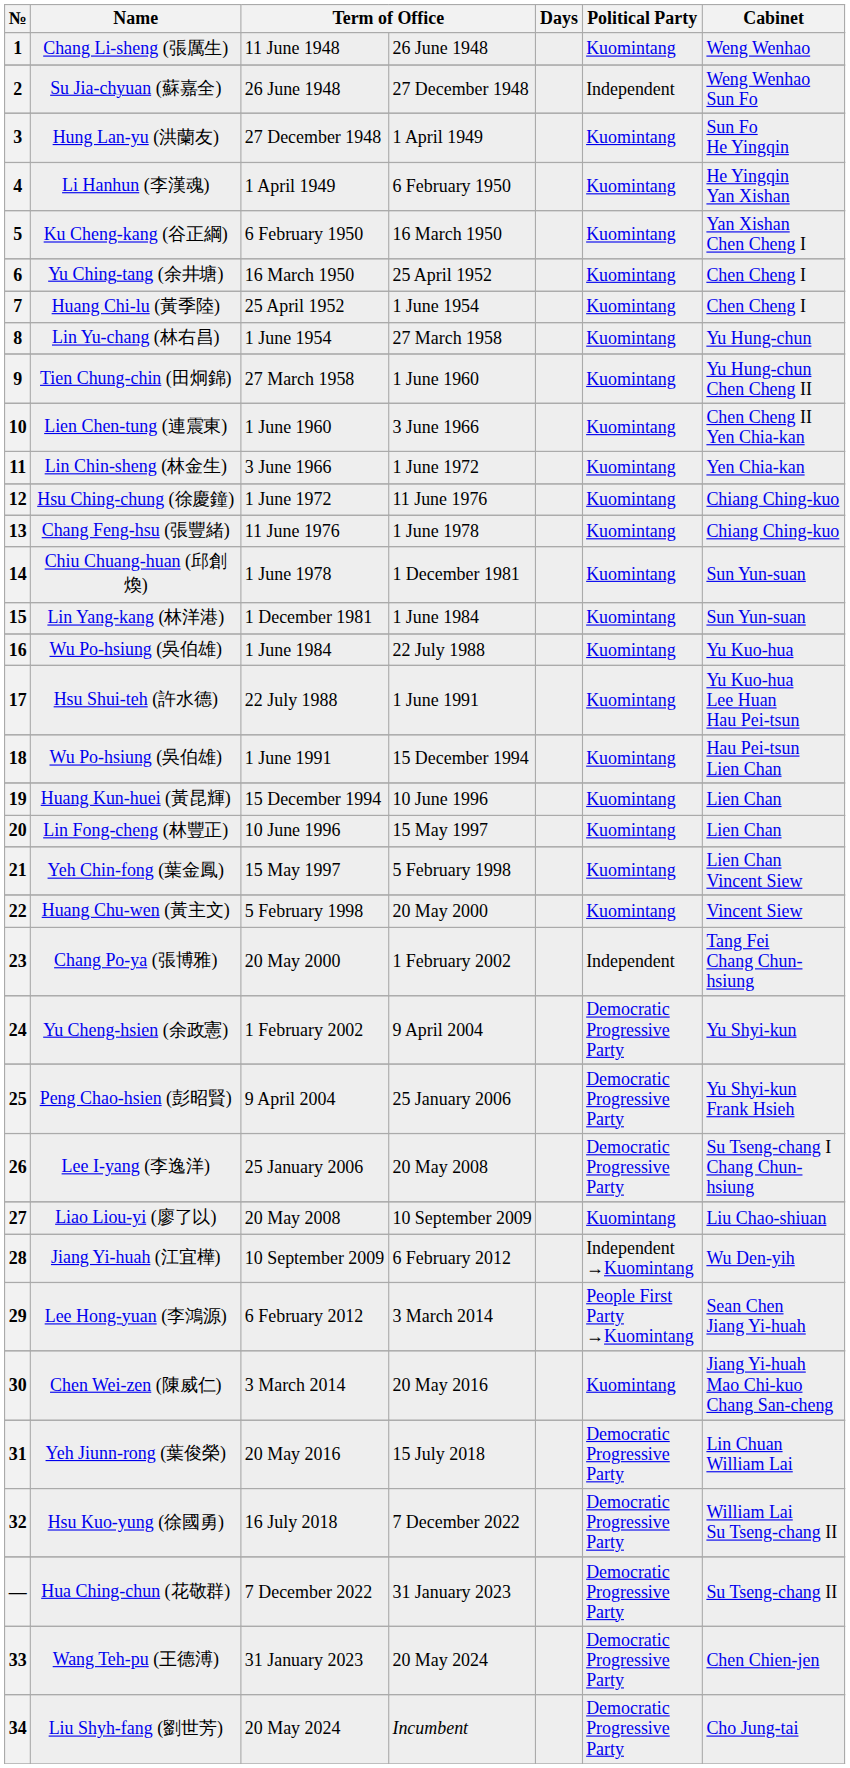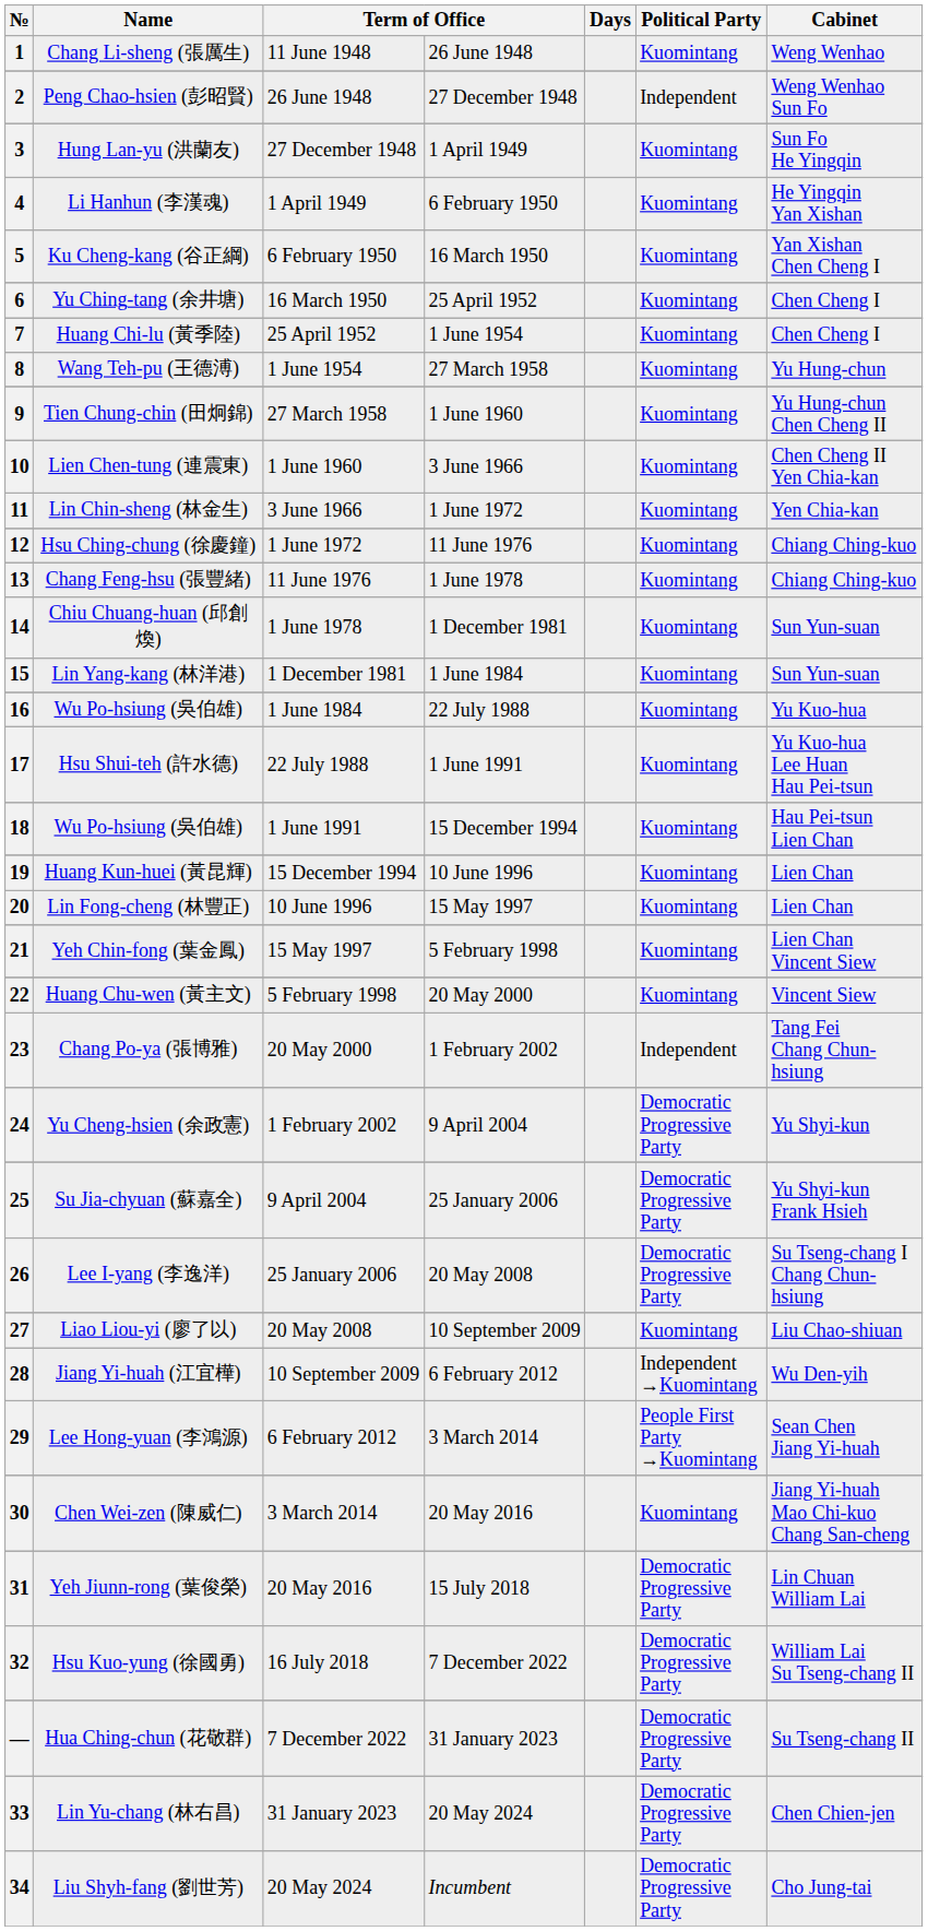 <table class="wikitable">
 <tr ->
 <th>№</th>
 <th width="180">Name</th>
 <th colspan=2 width="180">Term of Office</th>
 <th>Days</th>
 <th width="100">Political Party</th>
 <th width="120">Cabinet</th>
 </tr>
 <tr ->
 </tr>
 <tr - bgcolor=#EEEEEE>
 <th style="background:">1</th>
 <td align=center><a href='#'>Chang Li-sheng</a> (張厲生)</td>
 <td>11 June 1948</td>
 <td>26 June 1948</td>
 <td></td>
 <td><a href='#'>Kuomintang</a></td>
 <td><a href='#'>Weng Wenhao</a></td>
 </tr>
 <tr ->
 </tr>
 <tr - bgcolor=#EEEEEE>
 <th style="background:">2</th>
-<td align=center><a href='#'>Su Jia-chyuan</a> (蘇嘉全)</td>
+<td align=center><a href='#'>Peng Chao-hsien</a> (彭昭賢)</td>
 <td>26 June 1948</td>
 <td>27 December 1948</td>
 <td></td>
 <td>Independent</td>
 <td><a href='#'>Weng Wenhao</a><br><a href='#'>Sun Fo</a></td>
 </tr>
 <tr ->
 </tr>
 <tr - bgcolor=#EEEEEE>
 <th style="background:">3</th>
 <td align=center><a href='#'>Hung Lan-yu</a> (洪蘭友)</td>
 <td>27 December 1948</td>
 <td>1 April 1949</td>
 <td></td>
 <td><a href='#'>Kuomintang</a></td>
 <td><a href='#'>Sun Fo</a><br><a href='#'>He Yingqin</a></td>
 </tr>
 <tr ->
 </tr>
 <tr - bgcolor=#EEEEEE>
 <th style="background:">4</th>
 <td align=center><a href='#'>Li Hanhun</a> (李漢魂)</td>
 <td>1 April 1949</td>
 <td>6 February 1950</td>
 <td></td>
 <td><a href='#'>Kuomintang</a></td>
 <td><a href='#'>He Yingqin</a><br><a href='#'>Yan Xishan</a></td>
 </tr>
 <tr ->
 </tr>
 <tr - bgcolor=#EEEEEE>
 <th style="background:">5</th>
 <td align=center><a href='#'>Ku Cheng-kang</a> (谷正綱)</td>
 <td>6 February 1950</td>
 <td>16 March 1950</td>
 <td></td>
 <td><a href='#'>Kuomintang</a></td>
 <td><a href='#'>Yan Xishan</a><br><a href='#'>Chen Cheng</a> I</td>
 </tr>
 <tr ->
 </tr>
 <tr - bgcolor=#EEEEEE>
 <th style="background:">6</th>
 <td align=center><a href='#'>Yu Ching-tang</a> (余井塘)</td>
 <td>16 March 1950</td>
 <td>25 April 1952</td>
 <td></td>
 <td><a href='#'>Kuomintang</a></td>
 <td><a href='#'>Chen Cheng</a> I</td>
 </tr>
 <tr ->
 </tr>
 <tr - bgcolor=#EEEEEE>
 <th style="background:">7</th>
 <td align=center><a href='#'>Huang Chi-lu</a> (黃季陸)</td>
 <td>25 April 1952</td>
 <td>1 June 1954</td>
 <td></td>
 <td><a href='#'>Kuomintang</a></td>
 <td><a href='#'>Chen Cheng</a> I</td>
 </tr>
 <tr ->
 </tr>
 <tr - bgcolor=#EEEEEE>
 <th style="background:">8</th>
-<td align=center><a href='#'>Lin Yu-chang</a> (林右昌)</td>
+<td align=center><a href='#'>Wang Teh-pu</a> (王德溥)</td>
 <td>1 June 1954</td>
 <td>27 March 1958</td>
 <td></td>
 <td><a href='#'>Kuomintang</a></td>
 <td><a href='#'>Yu Hung-chun</a></td>
 </tr>
 <tr ->
 </tr>
 <tr - bgcolor=#EEEEEE>
 <th style="background:">9</th>
 <td align=center><a href='#'>Tien Chung-chin</a> (田炯錦)</td>
 <td>27 March 1958</td>
 <td>1 June 1960</td>
 <td></td>
 <td><a href='#'>Kuomintang</a></td>
 <td><a href='#'>Yu Hung-chun</a><br><a href='#'>Chen Cheng</a> II</td>
 </tr>
 <tr ->
 </tr>
 <tr - bgcolor=#EEEEEE>
 <th style="background:">10</th>
 <td align=center><a href='#'>Lien Chen-tung</a> (連震東)</td>
 <td>1 June 1960</td>
 <td>3 June 1966</td>
 <td></td>
 <td><a href='#'>Kuomintang</a></td>
 <td><a href='#'>Chen Cheng</a> II<br><a href='#'>Yen Chia-kan</a></td>
 </tr>
 <tr ->
 </tr>
 <tr - bgcolor=#EEEEEE>
 <th style="background:">11</th>
 <td align=center><a href='#'>Lin Chin-sheng</a> (林金生)</td>
 <td>3 June 1966</td>
 <td>1 June 1972</td>
 <td></td>
 <td><a href='#'>Kuomintang</a></td>
 <td><a href='#'>Yen Chia-kan</a></td>
 </tr>
 <tr ->
 </tr>
 <tr - bgcolor=#EEEEEE>
 <th style="background:">12</th>
 <td align=center><a href='#'>Hsu Ching-chung</a> (徐慶鐘)</td>
 <td>1 June 1972</td>
 <td>11 June 1976</td>
 <td></td>
 <td><a href='#'>Kuomintang</a></td>
 <td><a href='#'>Chiang Ching-kuo</a></td>
 </tr>
 <tr ->
 </tr>
 <tr - bgcolor=#EEEEEE>
 <th style="background:">13</th>
 <td align=center><a href='#'>Chang Feng-hsu</a> (張豐緒)</td>
 <td>11 June 1976</td>
 <td>1 June 1978</td>
 <td></td>
 <td><a href='#'>Kuomintang</a></td>
 <td><a href='#'>Chiang Ching-kuo</a></td>
 </tr>
 <tr ->
 </tr>
 <tr - bgcolor=#EEEEEE>
 <th style="background:">14</th>
 <td align=center><a href='#'>Chiu Chuang-huan</a> (邱創煥)</td>
 <td>1 June 1978</td>
 <td>1 December 1981</td>
 <td></td>
 <td><a href='#'>Kuomintang</a></td>
 <td><a href='#'>Sun Yun-suan</a></td>
 </tr>
 <tr ->
 </tr>
 <tr - bgcolor=#EEEEEE>
 <th style="background:">15</th>
 <td align=center><a href='#'>Lin Yang-kang</a> (林洋港)</td>
 <td>1 December 1981</td>
 <td>1 June 1984</td>
 <td></td>
 <td><a href='#'>Kuomintang</a></td>
 <td><a href='#'>Sun Yun-suan</a></td>
 </tr>
 <tr ->
 </tr>
 <tr - bgcolor=#EEEEEE>
 <th style="background:">16</th>
 <td align=center><a href='#'>Wu Po-hsiung</a> (吳伯雄)</td>
 <td>1 June 1984</td>
 <td>22 July 1988</td>
 <td></td>
 <td><a href='#'>Kuomintang</a></td>
 <td><a href='#'>Yu Kuo-hua</a></td>
 </tr>
 <tr ->
 </tr>
 <tr - bgcolor=#EEEEEE>
 <th style="background:">17</th>
 <td align=center><a href='#'>Hsu Shui-teh</a> (許水德)</td>
 <td>22 July 1988</td>
 <td>1 June 1991</td>
 <td></td>
 <td><a href='#'>Kuomintang</a></td>
 <td><a href='#'>Yu Kuo-hua</a><br><a href='#'>Lee Huan</a><br><a href='#'>Hau Pei-tsun</a></td>
 </tr>
 <tr ->
 </tr>
 <tr - bgcolor=#EEEEEE>
 <th style="background:">18</th>
 <td align=center><a href='#'>Wu Po-hsiung</a> (吳伯雄)</td>
 <td>1 June 1991</td>
 <td>15 December 1994</td>
 <td></td>
 <td><a href='#'>Kuomintang</a></td>
 <td><a href='#'>Hau Pei-tsun</a><br><a href='#'>Lien Chan</a></td>
 </tr>
 <tr ->
 </tr>
 <tr - bgcolor=#EEEEEE>
 <th style="background:">19</th>
 <td align=center><a href='#'>Huang Kun-huei</a> (黃昆輝)</td>
 <td>15 December 1994</td>
 <td>10 June 1996</td>
 <td></td>
 <td><a href='#'>Kuomintang</a></td>
 <td><a href='#'>Lien Chan</a></td>
 </tr>
 <tr ->
 </tr>
 <tr - bgcolor=#EEEEEE>
 <th style="background:">20</th>
 <td align=center><a href='#'>Lin Fong-cheng</a> (林豐正)</td>
 <td>10 June 1996</td>
 <td>15 May 1997</td>
 <td></td>
 <td><a href='#'>Kuomintang</a></td>
 <td><a href='#'>Lien Chan</a></td>
 </tr>
 <tr ->
 </tr>
 <tr - bgcolor=#EEEEEE>
 <th style="background:">21</th>
 <td align=center><a href='#'>Yeh Chin-fong</a> (葉金鳳)</td>
 <td>15 May 1997</td>
 <td>5 February 1998</td>
 <td></td>
 <td><a href='#'>Kuomintang</a></td>
 <td><a href='#'>Lien Chan</a><br><a href='#'>Vincent Siew</a></td>
 </tr>
 <tr ->
 </tr>
 <tr - bgcolor=#EEEEEE>
 <th style="background:">22</th>
 <td align=center><a href='#'>Huang Chu-wen</a> (黃主文)</td>
 <td>5 February 1998</td>
 <td>20 May 2000</td>
 <td></td>
 <td><a href='#'>Kuomintang</a></td>
 <td><a href='#'>Vincent Siew</a></td>
 </tr>
 <tr ->
 </tr>
 <tr - bgcolor=#EEEEEE>
 <th style="background:">23</th>
 <td align=center><a href='#'>Chang Po-ya</a> (張博雅)</td>
 <td>20 May 2000</td>
 <td>1 February 2002</td>
 <td></td>
 <td>Independent</td>
 <td><a href='#'>Tang Fei</a><br><a href='#'>Chang Chun-hsiung</a></td>
 </tr>
 <tr ->
 </tr>
 <tr - bgcolor=#EEEEEE>
 <th style="background:">24</th>
 <td align=center><a href='#'>Yu Cheng-hsien</a> (余政憲)</td>
 <td>1 February 2002</td>
 <td>9 April 2004</td>
 <td></td>
 <td><a href='#'>Democratic Progressive Party</a></td>
 <td><a href='#'>Yu Shyi-kun</a></td>
 </tr>
 <tr ->
 </tr>
 <tr - bgcolor=#EEEEEE>
 <th style="background:">25</th>
-<td align=center><a href='#'>Peng Chao-hsien</a> (彭昭賢)</td>
+<td align=center><a href='#'>Su Jia-chyuan</a> (蘇嘉全)</td>
 <td>9 April 2004</td>
 <td>25 January 2006</td>
 <td></td>
 <td><a href='#'>Democratic Progressive Party</a></td>
 <td><a href='#'>Yu Shyi-kun</a><br><a href='#'>Frank Hsieh</a></td>
 </tr>
 <tr ->
 </tr>
 <tr - bgcolor=#EEEEEE>
 <th style="background:">26</th>
 <td align=center><a href='#'>Lee I-yang</a> (李逸洋)</td>
 <td>25 January 2006</td>
 <td>20 May 2008</td>
 <td></td>
 <td><a href='#'>Democratic Progressive Party</a></td>
 <td><a href='#'>Su Tseng-chang</a> I<br><a href='#'>Chang Chun-hsiung</a></td>
 </tr>
 <tr ->
 </tr>
 <tr - bgcolor=#EEEEEE>
 <th style="background:">27</th>
 <td align=center><a href='#'>Liao Liou-yi</a> (廖了以)</td>
 <td>20 May 2008</td>
 <td>10 September 2009</td>
 <td></td>
 <td><a href='#'>Kuomintang</a></td>
 <td><a href='#'>Liu Chao-shiuan</a></td>
 </tr>
 <tr ->
 </tr>
 <tr - bgcolor=#EEEEEE>
 <th style="background:">28</th>
 <td align=center><a href='#'>Jiang Yi-huah</a> (江宜樺)</td>
 <td>10 September 2009</td>
 <td>6 February 2012</td>
 <td></td>
 <td>Independent<br>→<a href='#'>Kuomintang</a></td>
 <td><a href='#'>Wu Den-yih</a></td>
 </tr>
 <tr ->
 </tr>
 <tr - bgcolor=#EEEEEE>
 <th style="background:">29</th>
 <td align=center><a href='#'>Lee Hong-yuan</a> (李鴻源)</td>
 <td>6 February 2012</td>
 <td>3 March 2014</td>
 <td></td>
 <td><a href='#'>People First Party</a><br>→<a href='#'>Kuomintang</a></td>
 <td><a href='#'>Sean Chen</a><br><a href='#'>Jiang Yi-huah</a></td>
 </tr>
 <tr ->
 </tr>
 <tr - bgcolor=#EEEEEE>
 <th style="background:">30</th>
 <td align=center><a href='#'>Chen Wei-zen</a> (陳威仁)</td>
 <td>3 March 2014</td>
 <td>20 May 2016</td>
 <td></td>
 <td><a href='#'>Kuomintang</a></td>
 <td><a href='#'>Jiang Yi-huah</a><br><a href='#'>Mao Chi-kuo</a><br><a href='#'>Chang San-cheng</a></td>
 </tr>
 <tr ->
 </tr>
 <tr - bgcolor=#EEEEEE>
 <th style="background:">31</th>
 <td align=center><a href='#'>Yeh Jiunn-rong</a> (葉俊榮)</td>
 <td>20 May 2016</td>
 <td>15 July 2018</td>
 <td></td>
 <td><a href='#'>Democratic Progressive Party</a></td>
 <td><a href='#'>Lin Chuan</a><br><a href='#'>William Lai</a></td>
 </tr>
 <tr ->
 </tr>
 <tr - bgcolor=#EEEEEE>
 <th style="background:">32</th>
 <td align=center><a href='#'>Hsu Kuo-yung</a> (徐國勇)</td>
 <td>16 July 2018</td>
 <td>7 December 2022</td>
 <td></td>
 <td><a href='#'>Democratic Progressive Party</a></td>
 <td><a href='#'>William Lai</a><br><a href='#'>Su Tseng-chang</a> II</td>
 </tr>
 <tr ->
 </tr>
 <tr - bgcolor=#EEEEEE>
 <th style="background:">—</th>
 <td align=center><a href='#'>Hua Ching-chun</a> (花敬群)</td>
 <td>7 December 2022</td>
 <td>31 January 2023</td>
 <td></td>
 <td><a href='#'>Democratic Progressive Party</a></td>
 <td><a href='#'>Su Tseng-chang</a> II</td>
 </tr>
 <tr ->
 </tr>
 <tr - bgcolor=#EEEEEE>
 <th style="background:">33</th>
-<td align=center><a href='#'>Wang Teh-pu</a> (王德溥)</td>
+<td align=center><a href='#'>Lin Yu-chang</a> (林右昌)</td>
 <td>31 January 2023</td>
 <td>20 May 2024</td>
 <td></td>
 <td><a href='#'>Democratic Progressive Party</a></td>
 <td><a href='#'>Chen Chien-jen</a></td>
 </tr>
 <tr ->
 </tr>
 <tr - bgcolor=#EEEEEE>
 <th style="background:">34</th>
 <td align=center><a href='#'>Liu Shyh-fang</a> (劉世芳)</td>
 <td>20 May 2024</td>
 <td><em>Incumbent</em></td>
 <td></td>
 <td><a href='#'>Democratic Progressive Party</a></td>
 <td><a href='#'>Cho Jung-tai</a></td>
 </tr>
 <tr ->
 </tr>
 </table>
